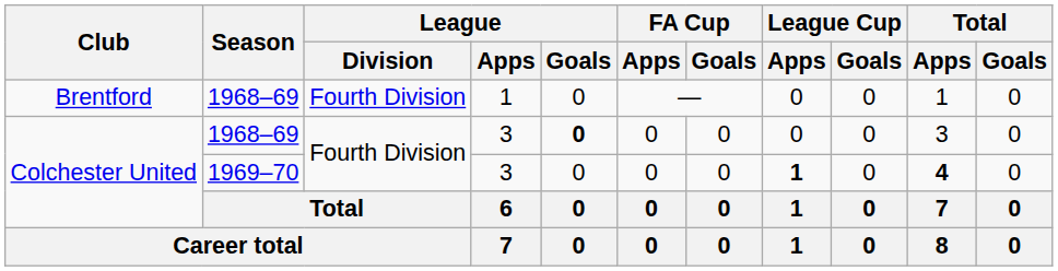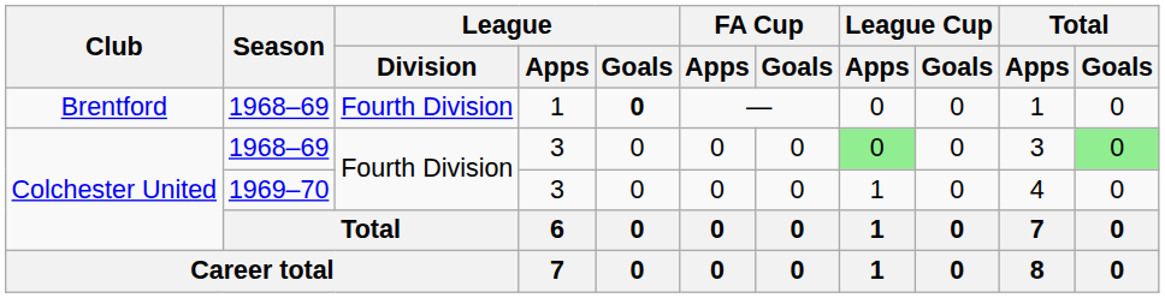 <table class="wikitable" style="text-align: center;">
 <tr>
 <th rowspan="2">Club</th>
 <th rowspan="2">Season</th>
 <th colspan="3">League</th>
 <th colspan="2">FA Cup</th>
 <th colspan="2">League Cup</th>
 <th colspan="2">Total</th>
 </tr>
 <tr>
 <th>Division</th>
 <th>Apps</th>
 <th>Goals</th>
 <th>Apps</th>
 <th>Goals</th>
 <th>Apps</th>
 <th>Goals</th>
 <th>Apps</th>
 <th>Goals</th>
 </tr>
 <tr>
 <td><a href='#'>Brentford</a></td>
 <td><a href='#'>1968–69</a></td>
 <td><a href='#'>Fourth Division</a></td>
 <td>1</td>
-<td>0</td>
+<td><strong>0</strong></td>
 <td colspan="2">—</td>
 <td>0</td>
 <td>0</td>
 <td>1</td>
 <td>0</td>
 </tr>
 <tr>
 <td rowspan="3"><a href='#'>Colchester United</a></td>
 <td><a href='#'>1968–69</a></td>
 <td rowspan="2">Fourth Division</td>
 <td>3</td>
-<td><strong>0</strong></td>
 <td>0</td>
 <td>0</td>
 <td>0</td>
+<td style="background: lightgreen;">0</td>
 <td>0</td>
 <td>3</td>
-<td>0</td>
+<td style="background: lightgreen;">0</td>
 </tr>
 <tr>
 <td><a href='#'>1969–70</a></td>
 <td>3</td>
 <td>0</td>
 <td>0</td>
 <td>0</td>
-<td><strong>1</strong></td>
+<td>1</td>
 <td>0</td>
-<td><strong>4</strong></td>
+<td>4</td>
 <td>0</td>
 </tr>
 <tr>
 <th colspan="2">Total</th>
 <th>6</th>
 <th>0</th>
 <th>0</th>
 <th>0</th>
 <th>1</th>
 <th>0</th>
 <th>7</th>
 <th>0</th>
 </tr>
 <tr>
 <th colspan="3">Career total</th>
 <th>7</th>
 <th>0</th>
 <th>0</th>
 <th>0</th>
 <th>1</th>
 <th>0</th>
 <th>8</th>
 <th>0</th>
 </tr>
 </table>
